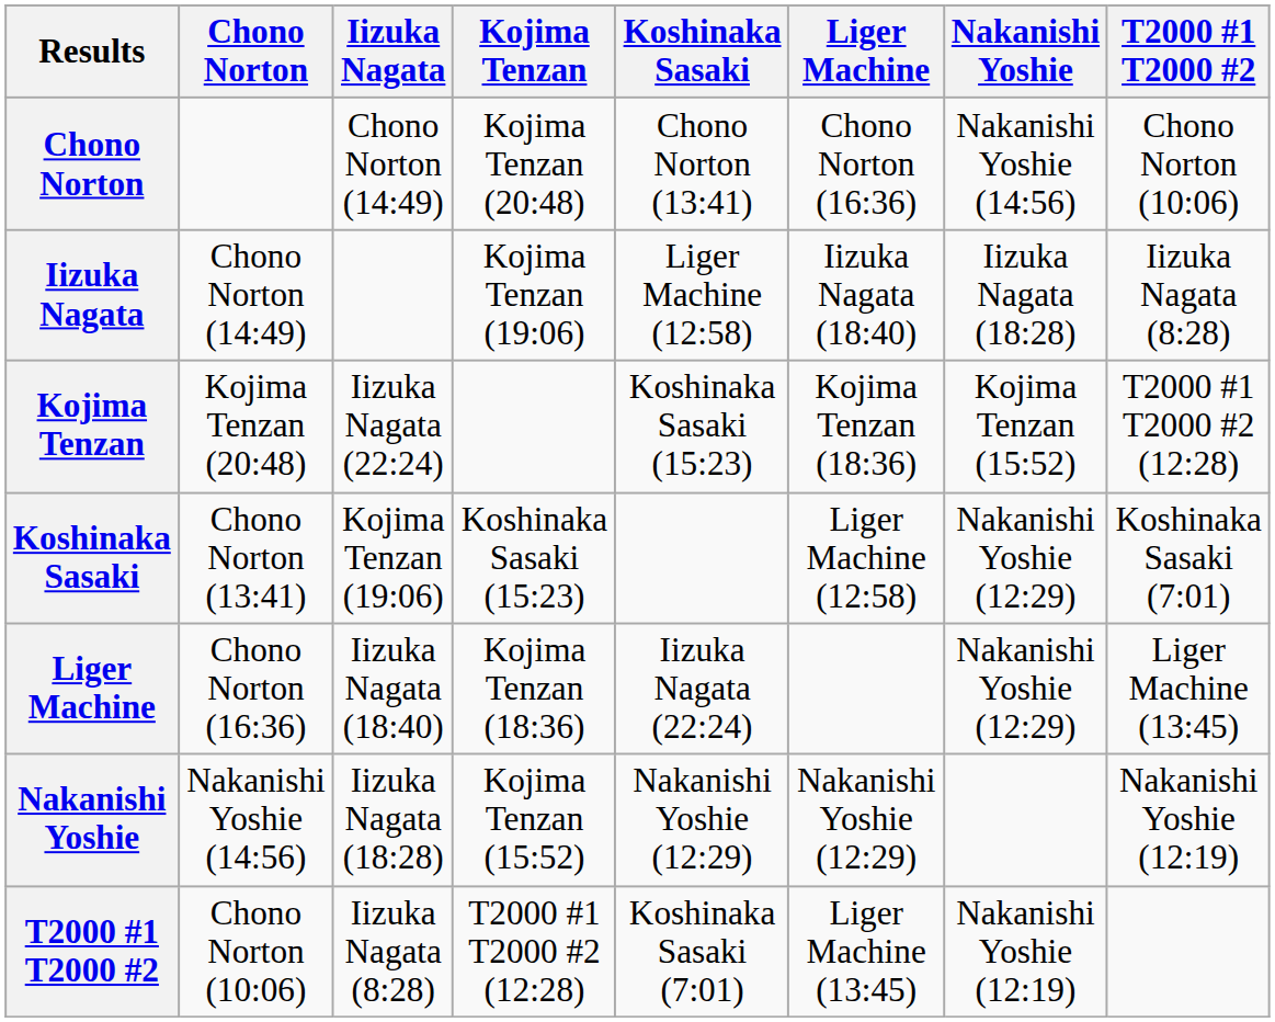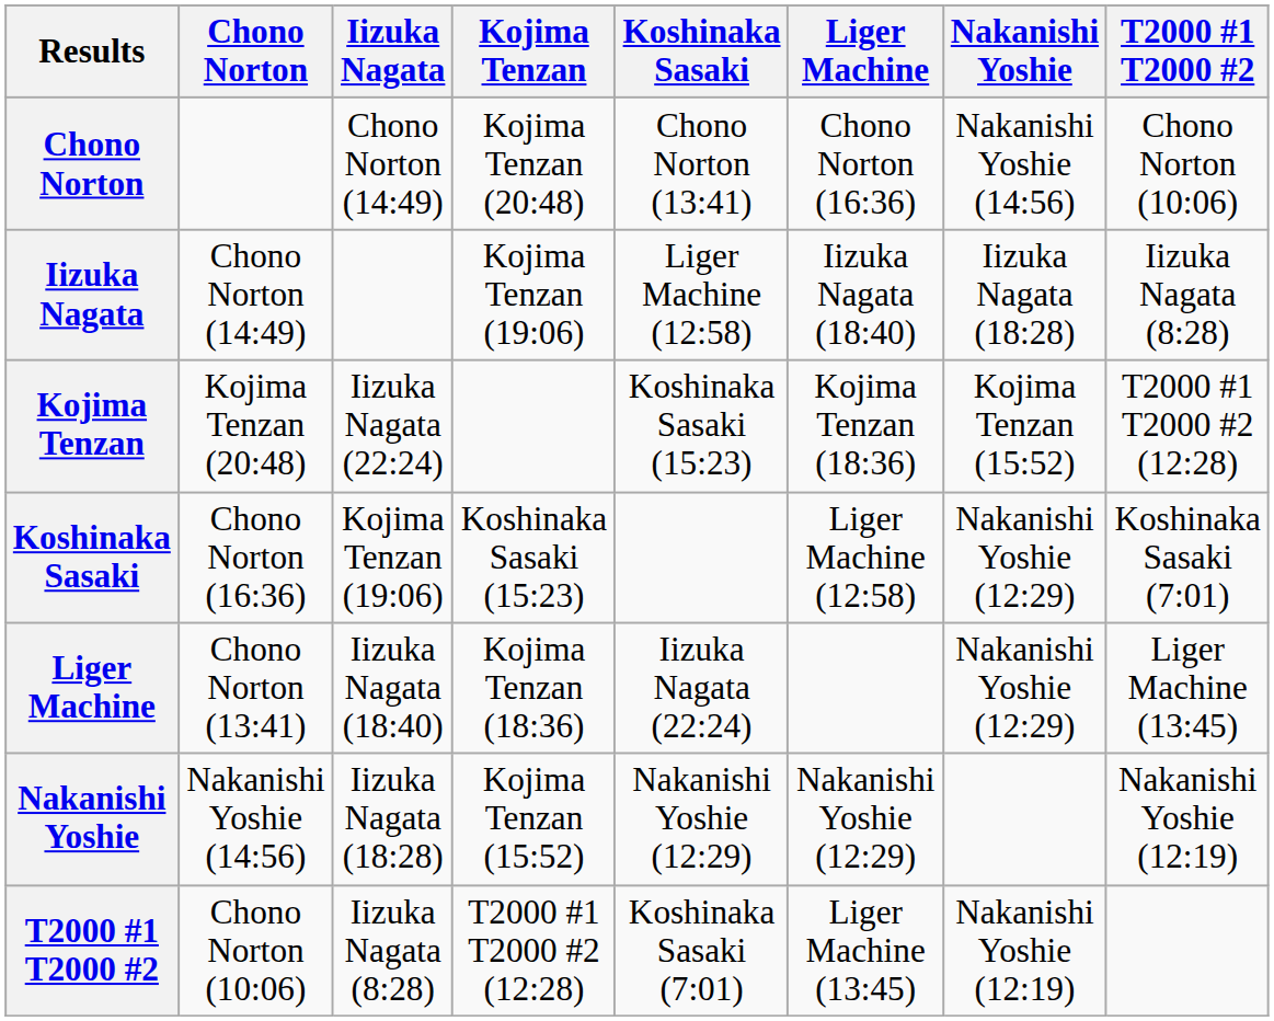 <table class="wikitable" style="text-align:center; margin: 1em auto 1em auto">
 <tr align="center">
 <th>Results</th>
 <th><a href='#'>Chono</a><br><a href='#'>Norton</a></th>
 <th><a href='#'>Iizuka</a><br><a href='#'>Nagata</a></th>
 <th><a href='#'>Kojima</a><br><a href='#'>Tenzan</a></th>
 <th><a href='#'>Koshinaka</a><br><a href='#'>Sasaki</a></th>
 <th><a href='#'>Liger</a><br><a href='#'>Machine</a></th>
 <th><a href='#'>Nakanishi</a><br><a href='#'>Yoshie</a></th>
 <th><a href='#'>T2000 #1</a><br><a href='#'>T2000 #2</a></th>
 </tr>
 <tr align="center">
 <th><a href='#'>Chono</a><br><a href='#'>Norton</a></th>
 <td></td>
 <td>Chono<br>Norton<br>(14:49)</td>
 <td>Kojima<br>Tenzan<br>(20:48)</td>
 <td>Chono<br>Norton<br>(13:41)</td>
 <td>Chono<br>Norton<br>(16:36)</td>
 <td>Nakanishi<br>Yoshie<br>(14:56)</td>
 <td>Chono<br>Norton<br>(10:06)</td>
 </tr>
 <tr align="center">
 <th><a href='#'>Iizuka</a><br><a href='#'>Nagata</a></th>
 <td>Chono<br>Norton<br>(14:49)</td>
 <td></td>
 <td>Kojima<br>Tenzan<br>(19:06)</td>
 <td>Liger<br>Machine<br>(12:58)</td>
 <td>Iizuka<br>Nagata<br>(18:40)</td>
 <td>Iizuka<br>Nagata<br>(18:28)</td>
 <td>Iizuka<br>Nagata<br>(8:28)</td>
 </tr>
 <tr align="center">
 <th><a href='#'>Kojima</a><br><a href='#'>Tenzan</a></th>
 <td>Kojima<br>Tenzan<br>(20:48)</td>
 <td>Iizuka<br>Nagata<br>(22:24)</td>
 <td></td>
 <td>Koshinaka<br>Sasaki<br>(15:23)</td>
 <td>Kojima<br>Tenzan<br>(18:36)</td>
 <td>Kojima<br>Tenzan<br>(15:52)</td>
 <td>T2000 #1<br>T2000 #2<br>(12:28)</td>
 </tr>
 <tr align="center">
 <th><a href='#'>Koshinaka</a><br><a href='#'>Sasaki</a></th>
-<td>Chono<br>Norton<br>(13:41)</td>
+<td>Chono<br>Norton<br>(16:36)</td>
 <td>Kojima<br>Tenzan<br>(19:06)</td>
 <td>Koshinaka<br>Sasaki<br>(15:23)</td>
 <td></td>
 <td>Liger<br>Machine<br>(12:58)</td>
 <td>Nakanishi<br>Yoshie<br>(12:29)</td>
 <td>Koshinaka<br>Sasaki<br>(7:01)</td>
 </tr>
 <tr align="center">
 <th><a href='#'>Liger</a><br><a href='#'>Machine</a></th>
-<td>Chono<br>Norton<br>(16:36)</td>
+<td>Chono<br>Norton<br>(13:41)</td>
 <td>Iizuka<br>Nagata<br>(18:40)</td>
 <td>Kojima<br>Tenzan<br>(18:36)</td>
 <td>Iizuka<br>Nagata<br>(22:24)</td>
 <td></td>
 <td>Nakanishi<br>Yoshie<br>(12:29)</td>
 <td>Liger<br>Machine<br>(13:45)</td>
 </tr>
 <tr align="center">
 <th><a href='#'>Nakanishi</a><br><a href='#'>Yoshie</a></th>
 <td>Nakanishi<br>Yoshie<br>(14:56)</td>
 <td>Iizuka<br>Nagata<br>(18:28)</td>
 <td>Kojima<br>Tenzan<br>(15:52)</td>
 <td>Nakanishi<br>Yoshie<br>(12:29)</td>
 <td>Nakanishi<br>Yoshie<br>(12:29)</td>
 <td></td>
 <td>Nakanishi<br>Yoshie<br>(12:19)</td>
 </tr>
 <tr align="center">
 <th><a href='#'>T2000 #1</a><br><a href='#'>T2000 #2</a></th>
 <td>Chono<br>Norton<br>(10:06)</td>
 <td>Iizuka<br>Nagata<br>(8:28)</td>
 <td>T2000 #1<br>T2000 #2<br>(12:28)</td>
 <td>Koshinaka<br>Sasaki<br>(7:01)</td>
 <td>Liger<br>Machine<br>(13:45)</td>
 <td>Nakanishi<br>Yoshie<br>(12:19)</td>
 <td></td>
 </tr>
 </table>
